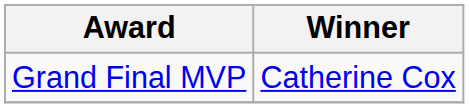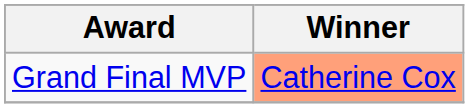 <table class="wikitable collapsible">
 <tr>
 <th>Award</th>
 <th>Winner</th>
 </tr>
 <tr>
 <td><a href='#'>Grand Final MVP</a></td>
-<td><a href='#'>Catherine Cox</a></td>
+<td style="background: lightsalmon;"><a href='#'>Catherine Cox</a></td>
 </tr>
 <tr>
 </tr>
 </table>
